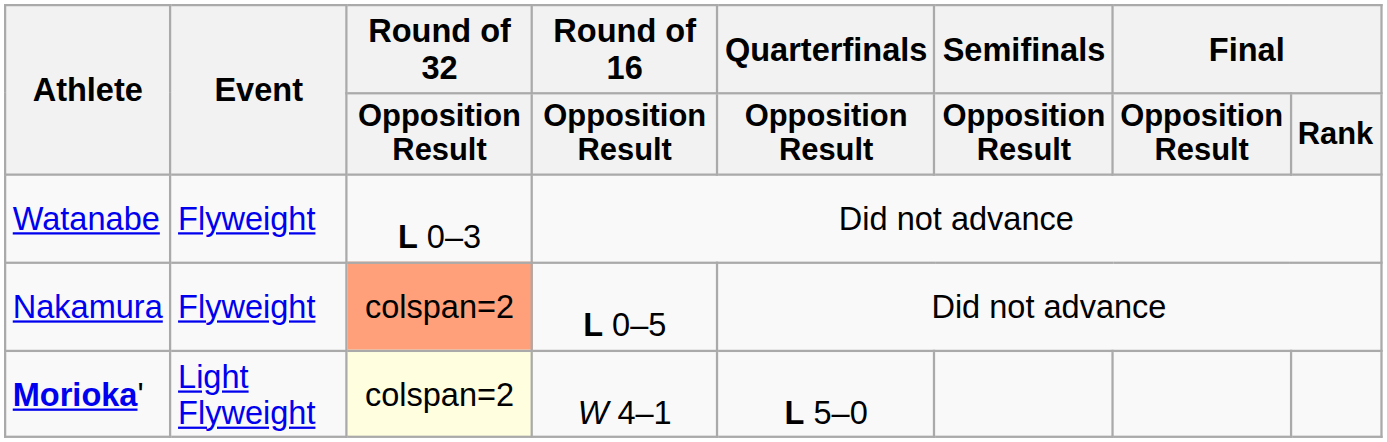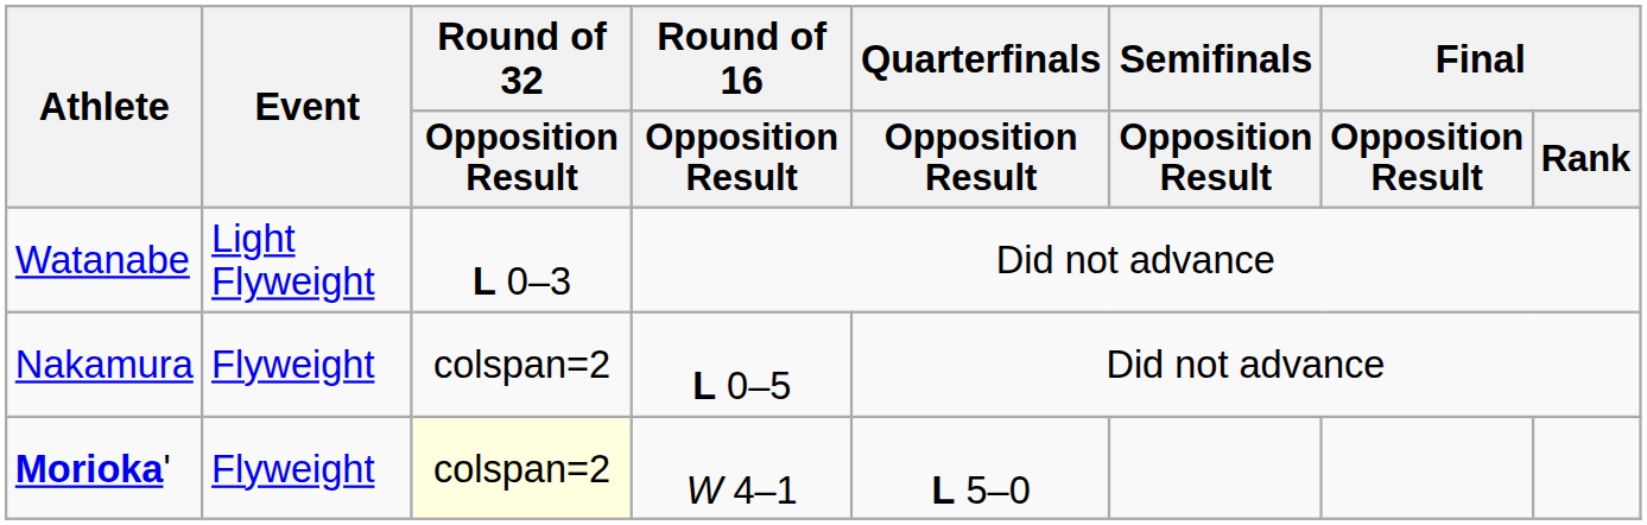 <table class="wikitable" style="font-size:90%;">
 <tr>
 <th rowspan=2>Athlete</th>
 <th rowspan=2>Event</th>
 <th>Round of 32</th>
 <th>Round of 16</th>
 <th>Quarterfinals</th>
 <th>Semifinals</th>
 <th colspan=2>Final</th>
 </tr>
 <tr style="font-size:95%">
 <th>Opposition<br>Result</th>
 <th>Opposition<br>Result</th>
 <th>Opposition<br>Result</th>
 <th>Opposition<br>Result</th>
 <th>Opposition<br>Result</th>
 <th>Rank</th>
 </tr>
 <tr align=center>
 <td align=left><a href='#'>Watanabe</a></td>
-<td align=left><a href='#'>Flyweight</a></td>
+<td align=left><a href='#'>Light Flyweight</a></td>
 <td><br><strong>L</strong> 0–3</td>
 <td colspan=5>Did not advance</td>
 </tr>
 <tr align=center>
 <td align=left><a href='#'>Nakamura</a></td>
 <td align=left><a href='#'>Flyweight</a></td>
-<td style="background: lightsalmon;">colspan=2 </td>
+<td>colspan=2 </td>
 <td><br><strong>L</strong> 0–5</td>
 <td colspan=5>Did not advance</td>
 </tr>
 <tr align=center>
 <td align=left><strong><a href='#'>Morioka</a></strong>'</td>
-<td align=left><a href='#'>Light Flyweight</a></td>
+<td align=left><a href='#'>Flyweight</a></td>
 <td style="background: lightyellow;">colspan=2 </td>
 <td><br><em>W</em> 4–1</td>
 <td><br><strong>L</strong> 5–0</td>
 <td></td>
 <td></td>
 </tr>
 </table>
